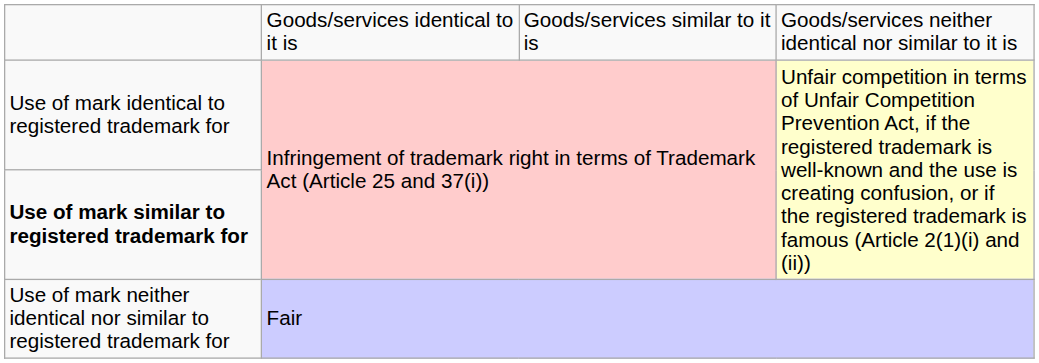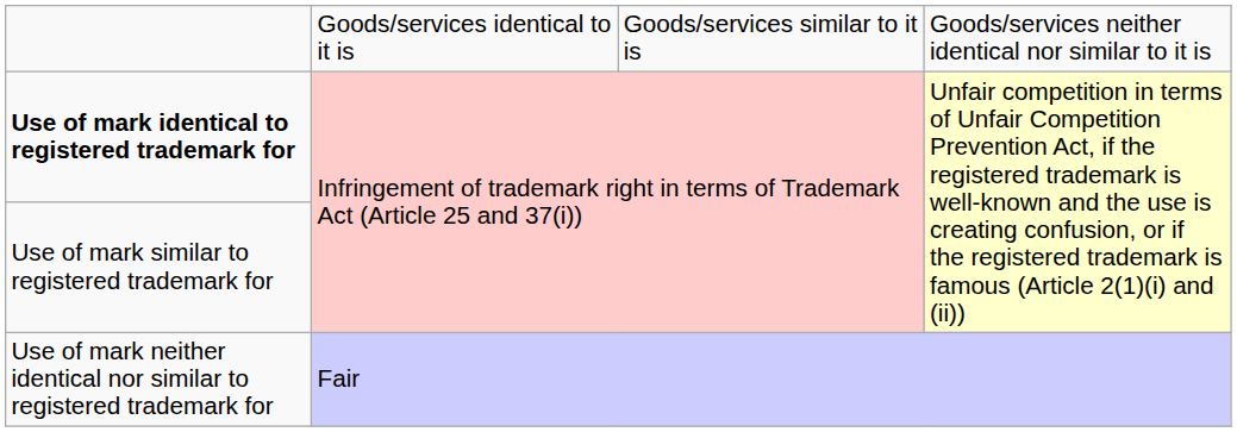 <table class="wikitable">
 <tr>
 <td style='width: 12em'></td>
 <td style='width: 12em'>Goods/services identical to it is</td>
 <td style='width: 12em'>Goods/services similar to it is</td>
 <td style='width: 12em'>Goods/services neither identical nor similar to it is</td>
 </tr>
 <tr>
-<td>Use of mark identical to registered trademark for</td>
+<td><strong>Use of mark identical to registered trademark for</strong></td>
 <td colspan='2' rowspan='2' style='background: #ffcccc'>Infringement of trademark right in terms of Trademark Act (Article 25 and 37(i))</td>
 <td rowspan='2' style='background: #ffffcc'>Unfair competition in terms of Unfair Competition Prevention Act, if the registered trademark is well-known and the use is creating confusion, or if the registered trademark is famous (Article 2(1)(i) and (ii))</td>
 </tr>
 <tr>
-<td><strong>Use of mark similar to registered trademark for</strong></td>
+<td>Use of mark similar to registered trademark for</td>
 </tr>
 <tr>
 <td>Use of mark neither identical nor similar to registered trademark for</td>
 <td colspan='3' style='background: #ccccff'>Fair</td>
 </tr>
 </table>
